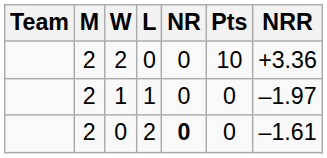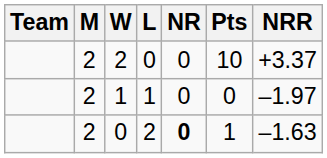 <table class="wikitable">
 <tr>
 <th>Team</th>
 <th>M</th>
 <th>W</th>
 <th>L</th>
 <th>NR</th>
 <th>Pts</th>
 <th>NRR</th>
 </tr>
 <tr align=center>
 <td align=left></td>
 <td>2</td>
 <td>2</td>
 <td>0</td>
 <td>0</td>
 <td>10</td>
-<td>+3.36</td>
+<td>+3.37</td>
 </tr>
 <tr align=center>
 <td align=left></td>
 <td>2</td>
 <td>1</td>
 <td>1</td>
 <td>0</td>
 <td>0</td>
 <td>–1.97</td>
 </tr>
 <tr align=center>
 <td align=left></td>
 <td>2</td>
 <td>0</td>
 <td>2</td>
 <td><strong>0</strong></td>
-<td>0</td>
-<td>–1.61</td>
+<td>1</td>
+<td>–1.63</td>
 </tr>
 </table>
